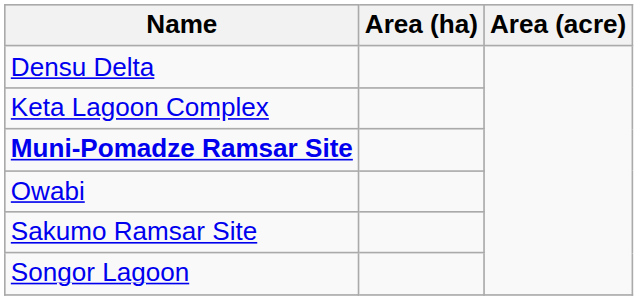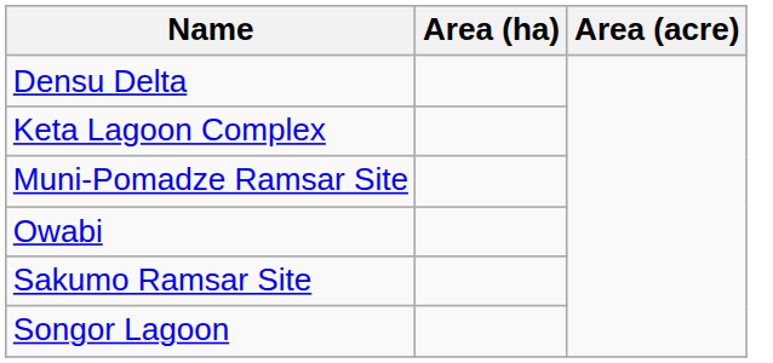 <table class="wikitable sortable">
 <tr>
 <th scope="col" align=left>Name</th>
 <th scope="col">Area (ha)</th>
 <th scope="col">Area (acre)</th>
 </tr>
 <tr ---->
 <td><a href='#'>Densu Delta</a></td>
 <td></td>
 </tr>
 <tr ---->
 <td><a href='#'>Keta Lagoon Complex</a></td>
 <td></td>
 </tr>
 <tr ---->
-<td><strong><a href='#'>Muni-Pomadze Ramsar Site</a></strong></td>
+<td><a href='#'>Muni-Pomadze Ramsar Site</a></td>
 <td></td>
 </tr>
 <tr ---->
 <td><a href='#'>Owabi</a></td>
 <td></td>
 </tr>
 <tr ---->
 <td><a href='#'>Sakumo Ramsar Site</a></td>
 <td></td>
 </tr>
 <tr ---->
 <td><a href='#'>Songor Lagoon</a></td>
 <td></td>
 </tr>
 </table>
